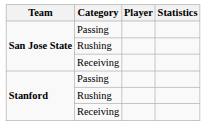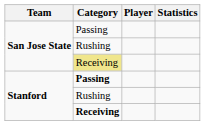 <table class="wikitable" style="float: right;">
 <tr>
 <th>Team</th>
 <th>Category</th>
 <th>Player</th>
 <th>Statistics</th>
 </tr>
 <tr>
 <td rowspan=3><strong>San Jose State</strong></td>
 <td>Passing</td>
 <td></td>
 <td></td>
 </tr>
 <tr>
 <td>Rushing</td>
 <td></td>
 <td></td>
 </tr>
 <tr>
-<td>Receiving</td>
+<td style="background: khaki;">Receiving</td>
 <td></td>
 <td></td>
 </tr>
 <tr>
 <td rowspan=3><strong>Stanford</strong></td>
-<td>Passing</td>
+<td><strong>Passing</strong></td>
 <td></td>
 <td></td>
 </tr>
 <tr>
 <td>Rushing</td>
 <td></td>
 <td></td>
 </tr>
 <tr>
-<td>Receiving</td>
+<td><strong>Receiving</strong></td>
 <td></td>
 <td></td>
 </tr>
 </table>
